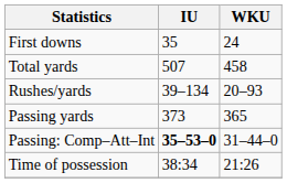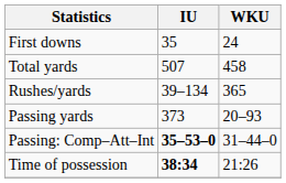 <table class="wikitable" style="float: left;">
 <tr>
 <th>Statistics</th>
 <th>IU</th>
 <th>WKU</th>
 </tr>
 <tr>
 <td>First downs</td>
 <td>35</td>
 <td>24</td>
 </tr>
 <tr>
 <td>Total yards</td>
 <td>507</td>
 <td>458</td>
 </tr>
 <tr>
 <td>Rushes/yards</td>
 <td>39–134</td>
-<td>20–93</td>
+<td>365</td>
 </tr>
 <tr>
 <td>Passing yards</td>
 <td>373</td>
-<td>365</td>
+<td>20–93</td>
 </tr>
 <tr>
 <td>Passing: Comp–Att–Int</td>
 <td><strong>35–53–0</strong></td>
 <td>31–44–0</td>
 </tr>
 <tr>
 <td>Time of possession</td>
-<td>38:34</td>
+<td><strong>38:34</strong></td>
 <td>21:26</td>
 </tr>
 <tr>
 </tr>
 </table>
